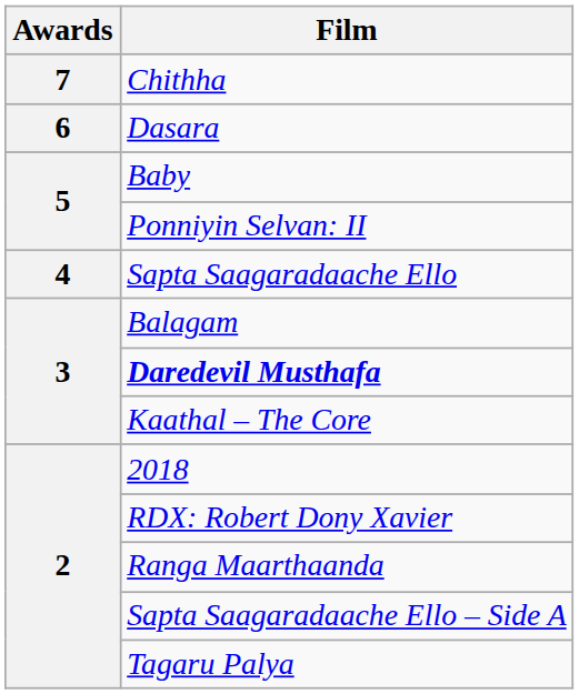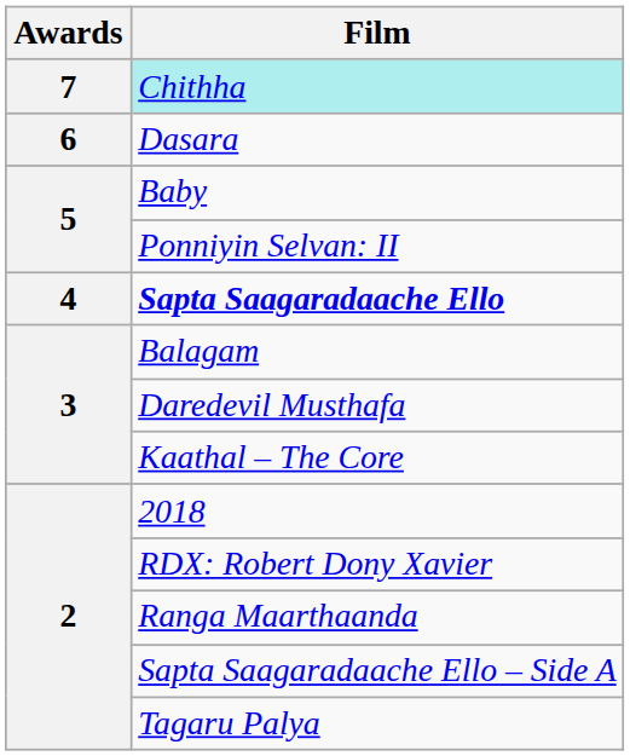 <table class="wikitable" style="display:inline-table;">
 <tr>
 <th>Awards</th>
 <th>Film</th>
 </tr>
 <tr>
 <th>7</th>
-<td><em><a href='#'>Chithha</a></em></td>
+<td style="background: paleturquoise;"><em><a href='#'>Chithha</a></em></td>
 </tr>
 <tr>
 <th>6</th>
 <td><a href='#'><em>Dasara</em></a></td>
 </tr>
 <tr>
 <th rowspan="2">5</th>
 <td><a href='#'><em>Baby</em></a></td>
 </tr>
 <tr>
 <td><em><a href='#'>Ponniyin Selvan: II</a></em></td>
 </tr>
 <tr>
 <th>4</th>
-<td><a href='#'><em>Sapta Saagaradaache Ello</em></a></td>
+<td><strong><a href='#'><em>Sapta Saagaradaache Ello</em></a></strong></td>
 </tr>
 <tr>
 <th rowspan="3">3</th>
 <td><a href='#'><em>Balagam</em></a></td>
 </tr>
 <tr>
-<td><strong><em><a href='#'>Daredevil Musthafa</a></em></strong></td>
+<td><em><a href='#'>Daredevil Musthafa</a></em></td>
 </tr>
 <tr>
 <td><em><a href='#'>Kaathal – The Core</a></em></td>
 </tr>
 <tr>
 <th rowspan="5">2</th>
 <td><a href='#'><em>2018</em></a></td>
 </tr>
 <tr>
 <td><em><a href='#'>RDX: Robert Dony Xavier</a></em></td>
 </tr>
 <tr>
 <td><em><a href='#'>Ranga Maarthaanda</a></em></td>
 </tr>
 <tr>
 <td><em><a href='#'>Sapta Saagaradaache Ello – Side A</a></em></td>
 </tr>
 <tr>
 <td><em><a href='#'>Tagaru Palya</a></em></td>
 </tr>
 </table>
